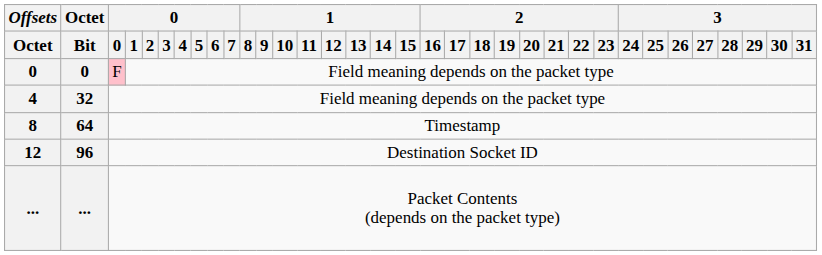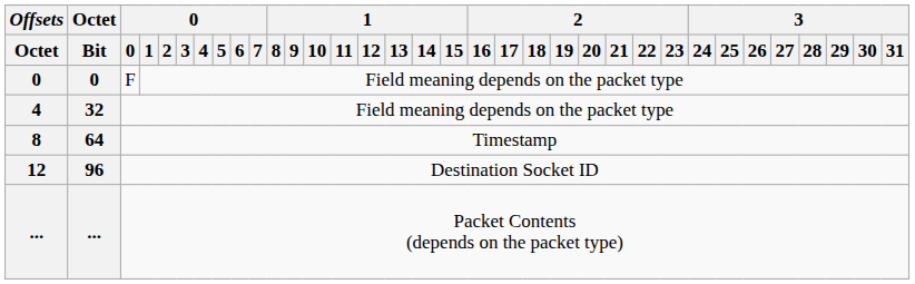 <table class="wikitable" style="text-align:center">
 <tr>
 <th><em>Offsets</em></th>
 <th>Octet</th>
 <th colspan="8">0</th>
 <th colspan="8">1</th>
 <th colspan="8">2</th>
 <th colspan="8">3</th>
 </tr>
 <tr>
 <th>Octet</th>
 <th>Bit</th>
 <th>0</th>
 <th>1</th>
 <th colspan="1">2</th>
 <th colspan="1">3</th>
 <th>4</th>
 <th>5</th>
 <th>6</th>
 <th>7</th>
 <th colspan="1">8</th>
 <th>9</th>
 <th>10</th>
 <th>11</th>
 <th>12</th>
 <th>13</th>
 <th>14</th>
 <th>15</th>
 <th>16</th>
 <th>17</th>
 <th>18</th>
 <th>19</th>
 <th>20</th>
 <th>21</th>
 <th>22</th>
 <th>23</th>
 <th>24</th>
 <th>25</th>
 <th>26</th>
 <th>27</th>
 <th>28</th>
 <th>29</th>
 <th>30</th>
 <th>31</th>
 </tr>
 <tr align="center">
 <th>0</th>
 <th>0</th>
-<td colspan="1" style="background: pink;">F</td>
+<td colspan="1">F</td>
 <td colspan="31">Field meaning depends on the packet type</td>
 </tr>
 <tr align="center">
 <th>4</th>
 <th colspan="1">32</th>
 <td colspan="32">Field meaning depends on the packet type</td>
 </tr>
 <tr align="center">
 <th>8</th>
 <th>64</th>
 <td colspan="32">Timestamp</td>
 </tr>
 <tr align="center">
 <th>12</th>
 <th>96</th>
 <td colspan="32">Destination Socket ID</td>
 </tr>
 <tr align="center" style="height: 5em;">
 <th>...</th>
 <th>...</th>
 <td colspan="32">Packet Contents<br>(depends on the packet type)</td>
 </tr>
 </table>
